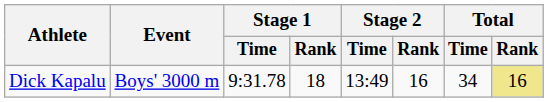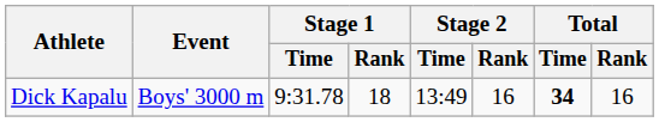 <table class=wikitable style="font-size:90%">
 <tr>
 <th rowspan="2">Athlete</th>
 <th rowspan="2">Event</th>
 <th colspan="2">Stage 1</th>
 <th colspan="2">Stage 2</th>
 <th colspan="2">Total</th>
 </tr>
 <tr style="font-size:95%">
 <th>Time</th>
 <th>Rank</th>
 <th>Time</th>
 <th>Rank</th>
 <th>Time</th>
 <th>Rank</th>
 </tr>
 <tr align=center>
 <td align=left><a href='#'>Dick Kapalu</a></td>
 <td align=left><a href='#'>Boys' 3000 m</a></td>
 <td>9:31.78</td>
 <td>18</td>
 <td>13:49</td>
 <td>16</td>
-<td>34</td>
-<td style="background: khaki;">16</td>
+<td><strong>34</strong></td>
+<td>16</td>
 </tr>
 </table>
